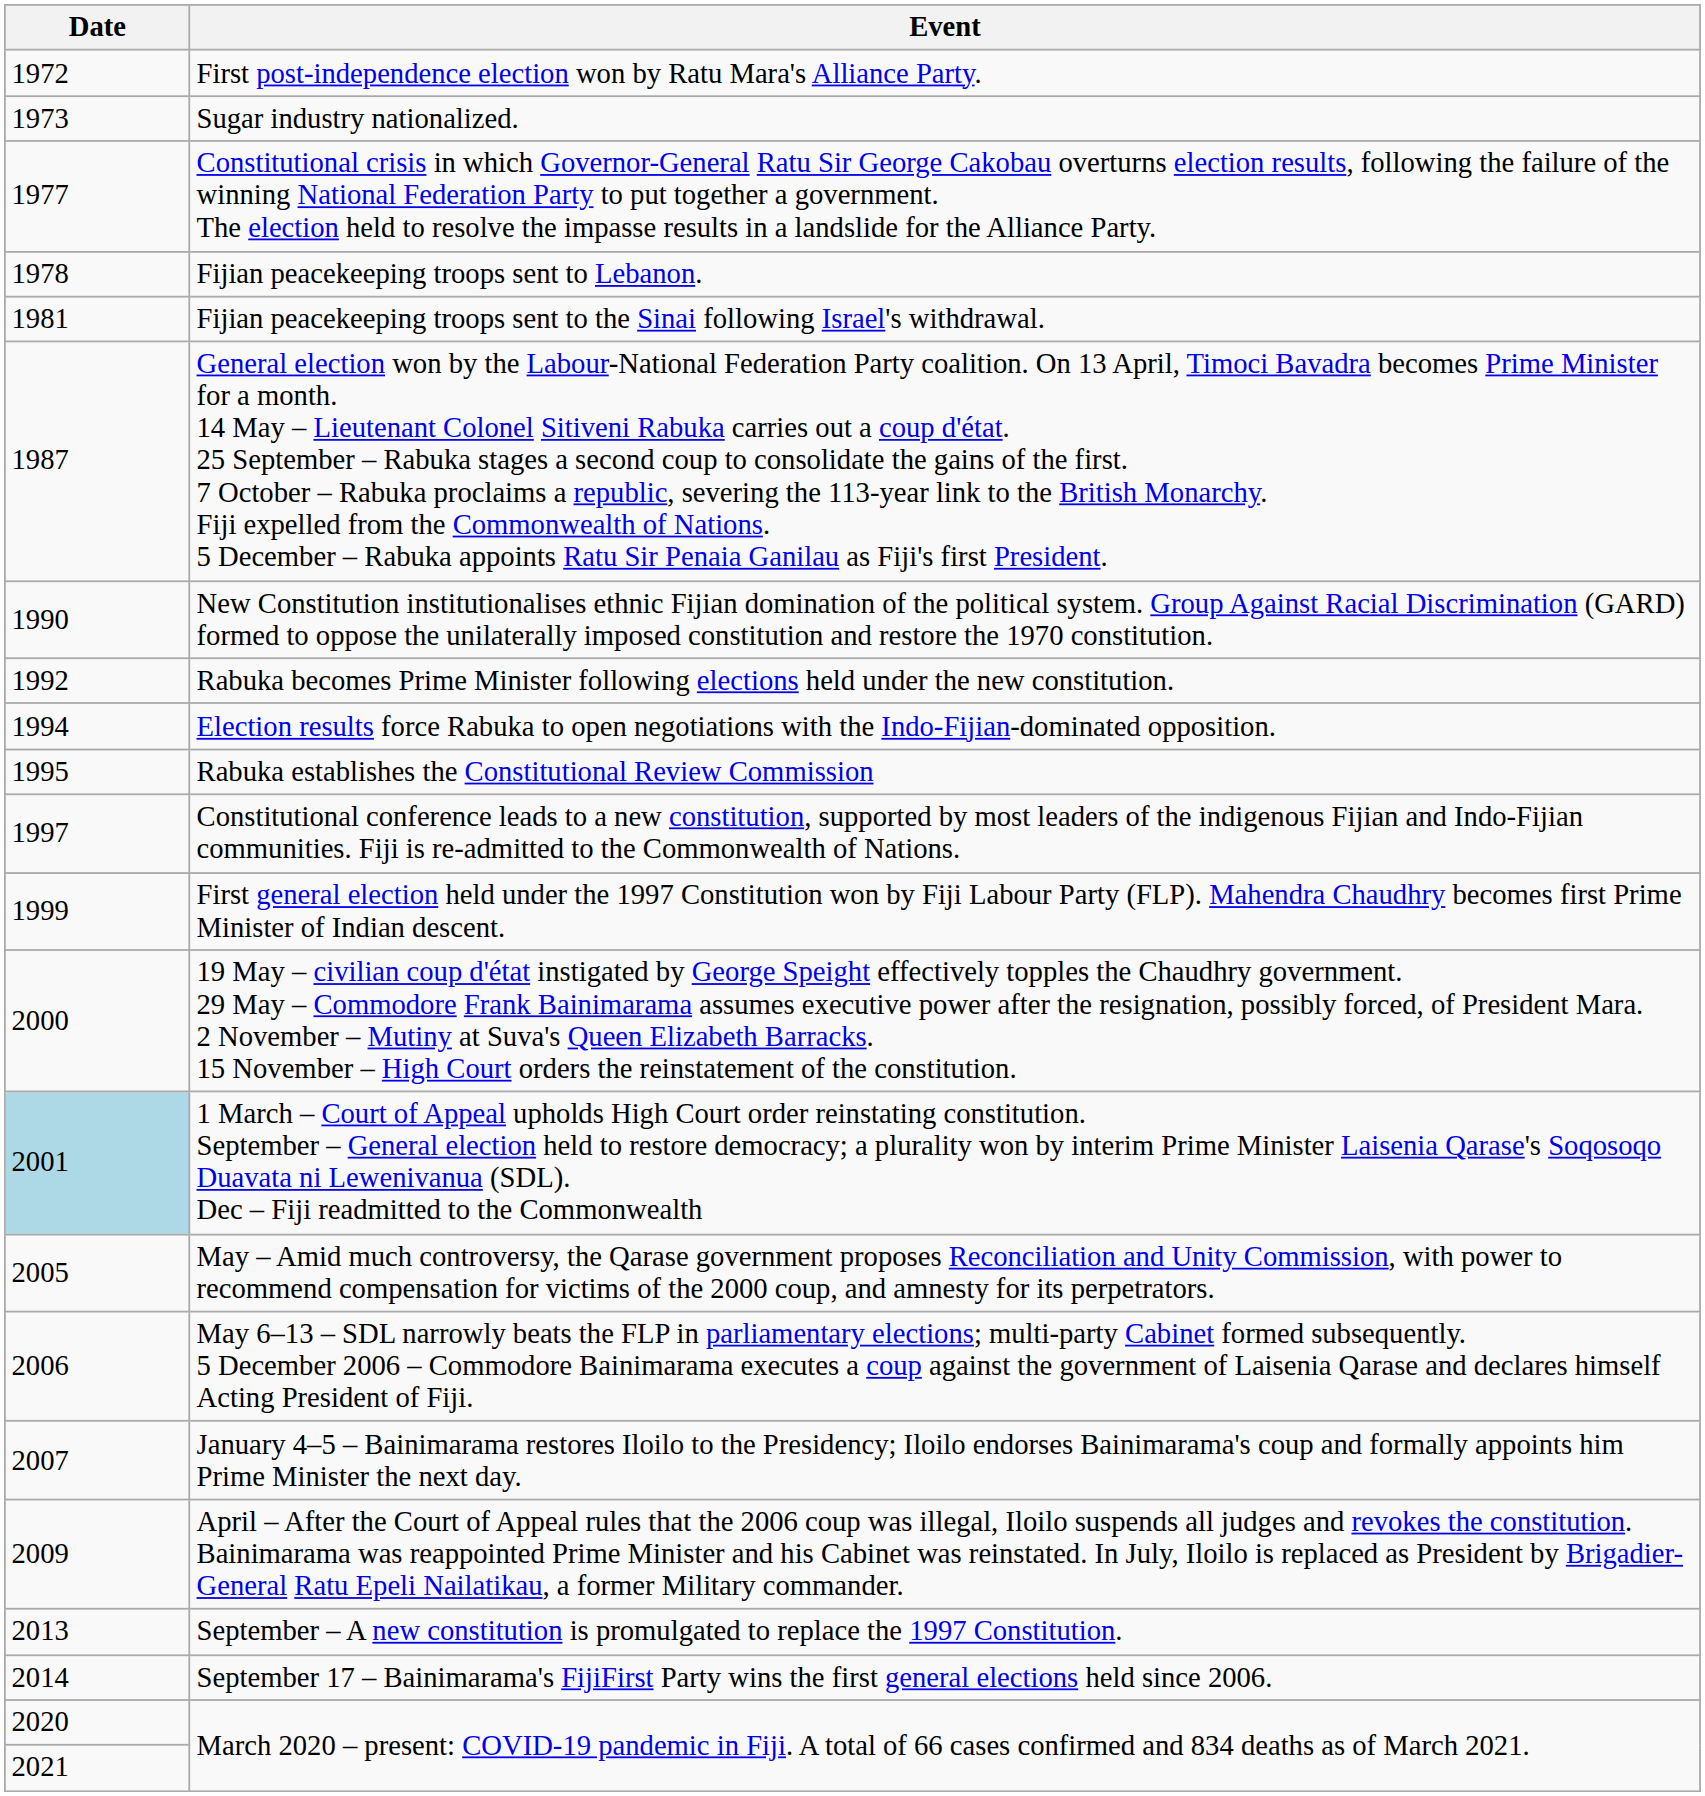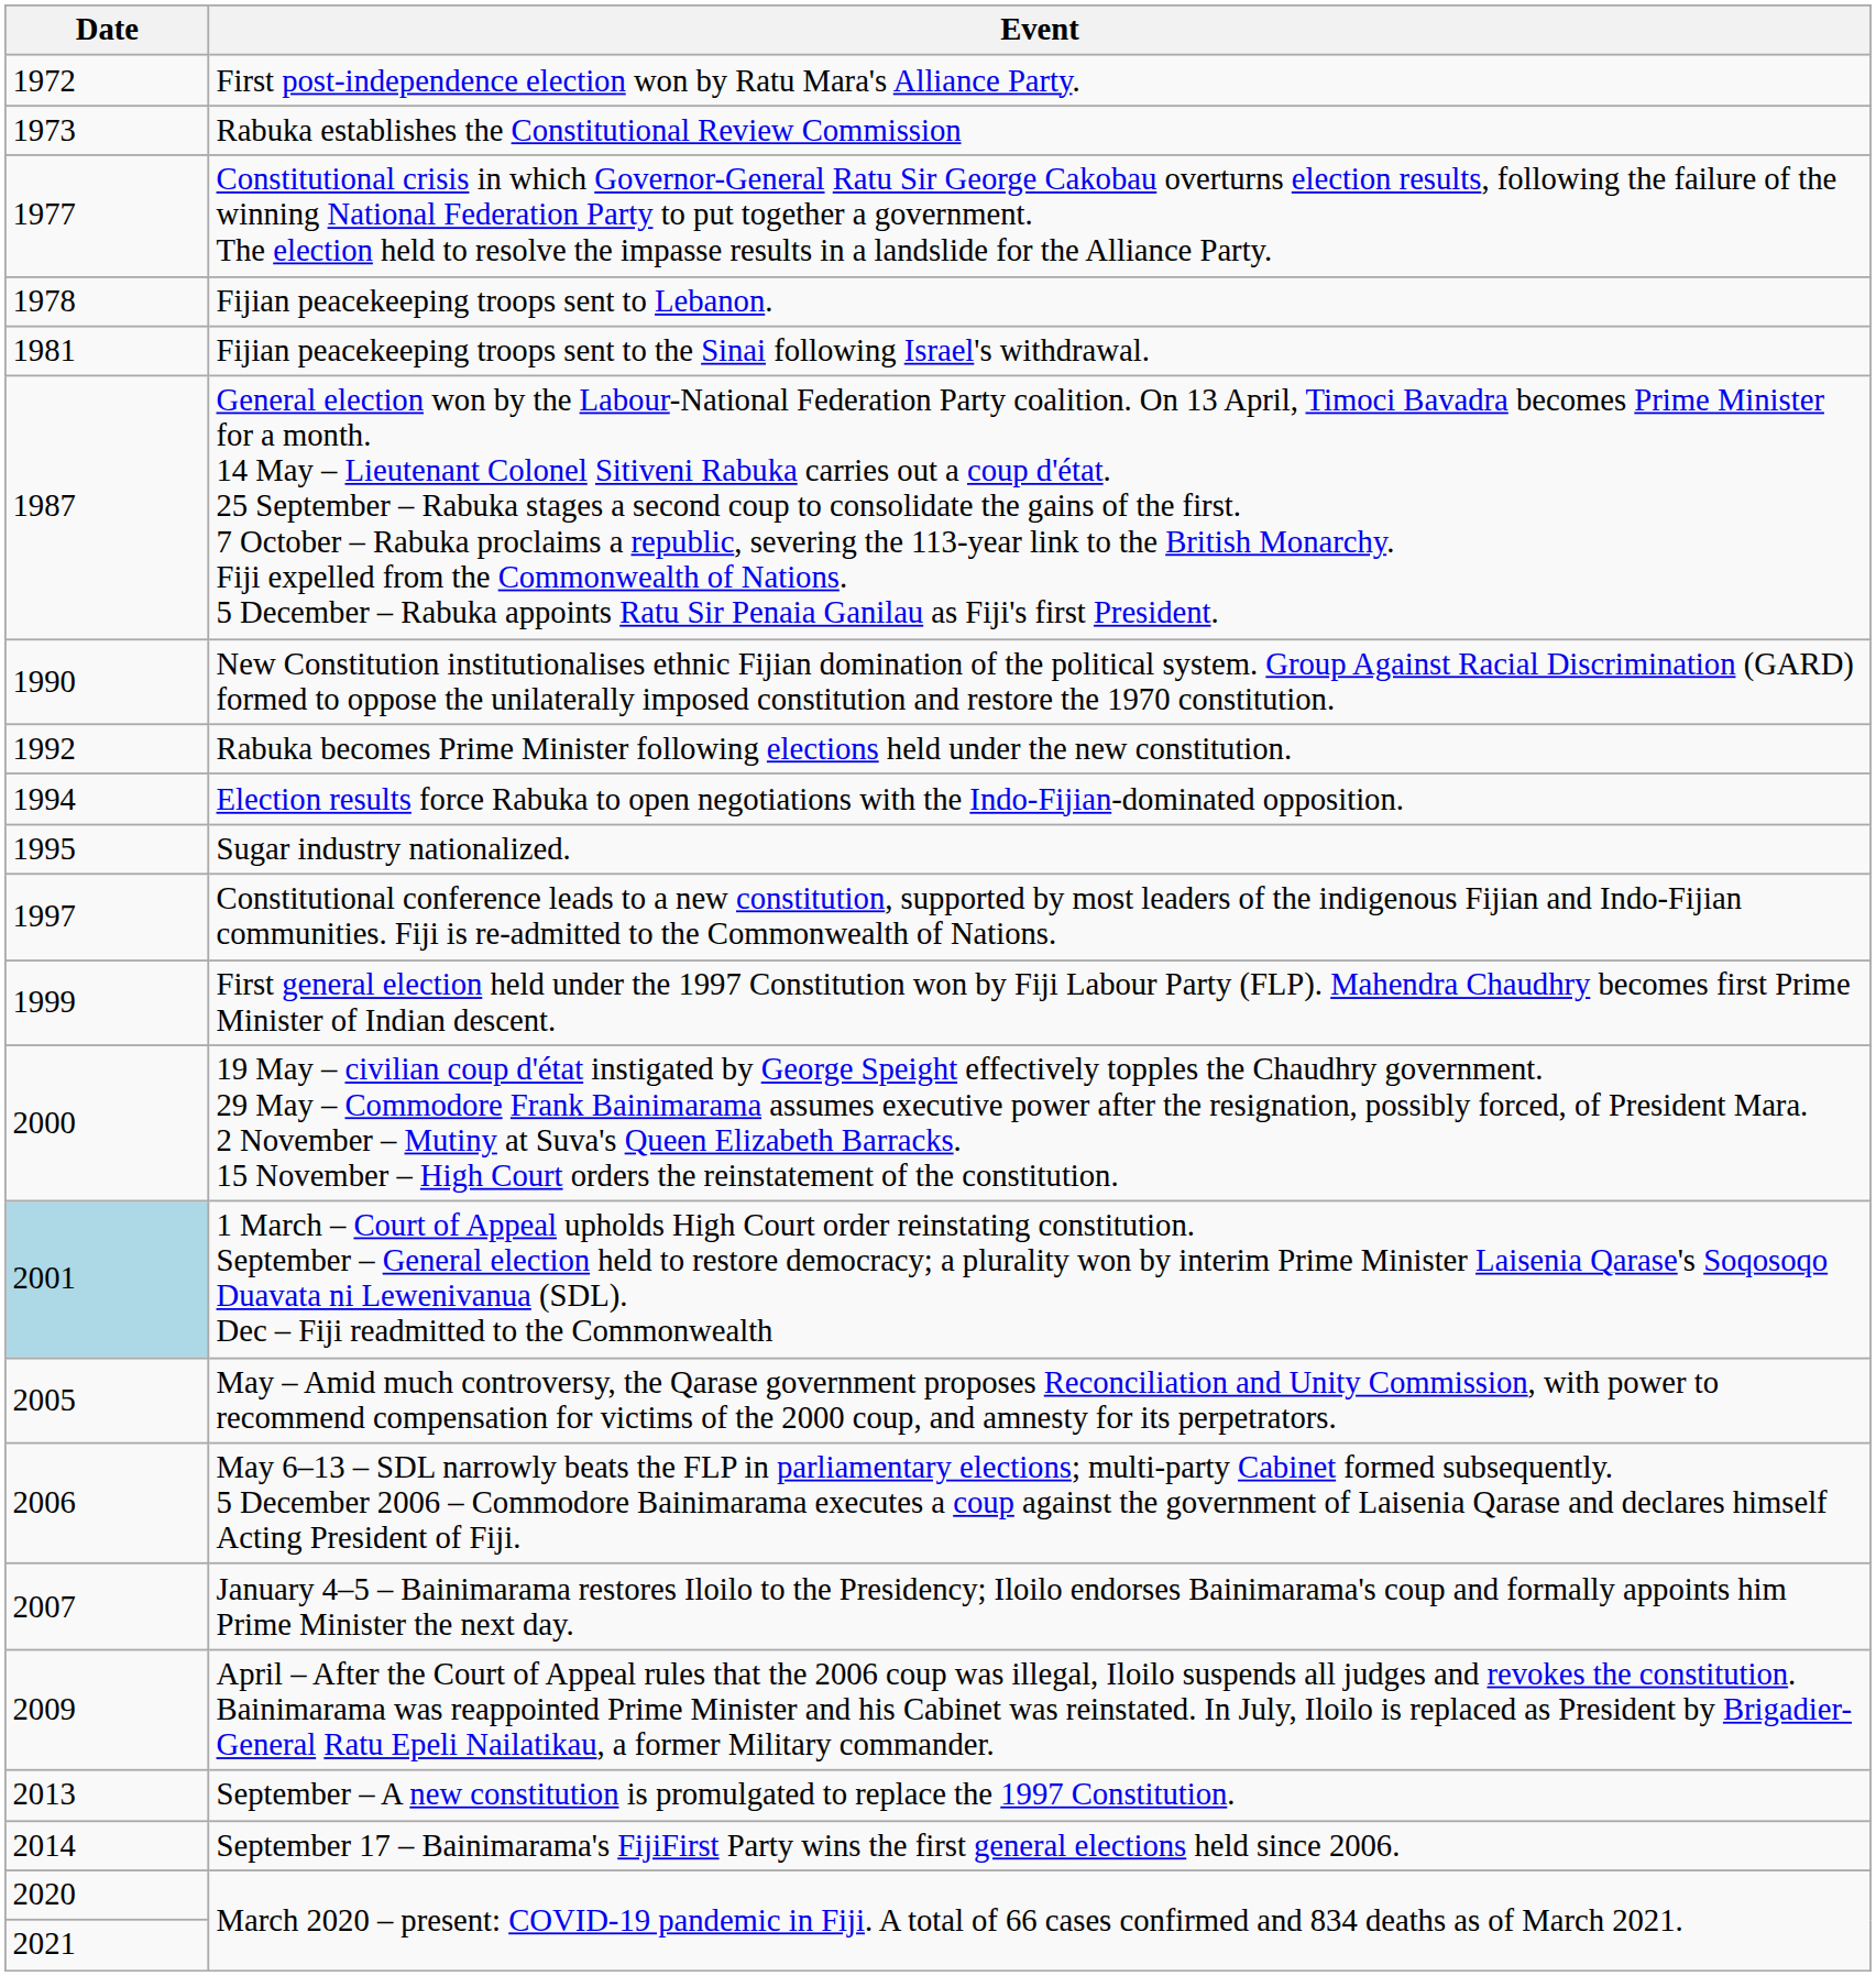 <table class="wikitable" style="width: 75%; border:1px solid; padding=2; border-spacing: 0;">
 <tr>
 <th style="width: 6em;">Date</th>
 <th>Event</th>
 </tr>
 <tr>
 <td>1972</td>
 <td>First <a href='#'>post-independence election</a> won by Ratu Mara's <a href='#'>Alliance Party</a>.</td>
 </tr>
 <tr>
 <td>1973</td>
-<td>Sugar industry nationalized.</td>
+<td>Rabuka establishes the <a href='#'>Constitutional Review Commission</a></td>
 </tr>
 <tr>
 <td>1977</td>
 <td><a href='#'>Constitutional crisis</a> in which <a href='#'>Governor-General</a> <a href='#'>Ratu Sir George Cakobau</a> overturns <a href='#'>election results</a>, following the failure of the winning <a href='#'>National Federation Party</a> to put together a government. <br> The <a href='#'>election</a> held to resolve the impasse results in a landslide for the Alliance Party.</td>
 </tr>
 <tr>
 <td>1978</td>
 <td>Fijian peacekeeping troops sent to <a href='#'>Lebanon</a>.</td>
 </tr>
 <tr>
 <td>1981</td>
 <td>Fijian peacekeeping troops sent to the <a href='#'>Sinai</a> following <a href='#'>Israel</a>'s withdrawal.</td>
 </tr>
 <tr>
 <td>1987</td>
 <td><a href='#'>General election</a> won by the <a href='#'>Labour</a>-National Federation Party coalition. On 13 April, <a href='#'>Timoci Bavadra</a> becomes <a href='#'>Prime Minister</a> for a month. <br> 14 May – <a href='#'>Lieutenant Colonel</a> <a href='#'>Sitiveni Rabuka</a> carries out a <a href='#'>coup d'état</a>. <br> 25 September – Rabuka stages a second coup to consolidate the gains of the first. <br> 7 October – Rabuka proclaims a <a href='#'>republic</a>, severing the 113-year link to the <a href='#'>British Monarchy</a>. <br> Fiji expelled from the <a href='#'>Commonwealth of Nations</a>. <br> 5 December – Rabuka appoints <a href='#'>Ratu Sir Penaia Ganilau</a> as Fiji's first <a href='#'>President</a>.</td>
 </tr>
 <tr>
 <td>1990</td>
 <td>New Constitution institutionalises ethnic Fijian domination of the political system. <a href='#'>Group Against Racial Discrimination</a> (GARD) formed to oppose the unilaterally imposed constitution and restore the 1970 constitution.</td>
 </tr>
 <tr>
 <td>1992</td>
 <td>Rabuka becomes Prime Minister following <a href='#'>elections</a> held under the new constitution.</td>
 </tr>
 <tr>
 <td>1994</td>
 <td><a href='#'>Election results</a> force Rabuka to open negotiations with the <a href='#'>Indo-Fijian</a>-dominated opposition.</td>
 </tr>
 <tr>
 <td>1995</td>
-<td>Rabuka establishes the <a href='#'>Constitutional Review Commission</a></td>
+<td>Sugar industry nationalized.</td>
 </tr>
 <tr>
 <td>1997</td>
 <td>Constitutional conference leads to a new <a href='#'>constitution</a>, supported by most leaders of the indigenous Fijian and Indo-Fijian communities. Fiji is re-admitted to the Commonwealth of Nations.</td>
 </tr>
 <tr>
 <td>1999</td>
 <td>First <a href='#'>general election</a> held under the 1997 Constitution won by Fiji Labour Party (FLP). <a href='#'>Mahendra Chaudhry</a> becomes first Prime Minister of Indian descent.</td>
 </tr>
 <tr>
 <td>2000</td>
 <td>19 May – <a href='#'>civilian coup d'état</a> instigated by <a href='#'>George Speight</a> effectively topples the Chaudhry government. <br> 29 May – <a href='#'>Commodore</a> <a href='#'>Frank Bainimarama</a> assumes executive power after the resignation, possibly forced, of President Mara. <br> 2 November – <a href='#'>Mutiny</a> at Suva's <a href='#'>Queen Elizabeth Barracks</a>. <br> 15 November – <a href='#'>High Court</a> orders the reinstatement of the constitution.</td>
 </tr>
 <tr>
 <td style="background: lightblue;">2001</td>
 <td>1 March – <a href='#'>Court of Appeal</a> upholds High Court order reinstating constitution.<br> September – <a href='#'>General election</a> held to restore democracy; a plurality won by interim Prime Minister <a href='#'>Laisenia Qarase</a>'s <a href='#'>Soqosoqo Duavata ni Lewenivanua</a> (SDL).<br>Dec – Fiji readmitted to the Commonwealth</td>
 </tr>
 <tr>
 <td>2005</td>
 <td>May – Amid much controversy, the Qarase government proposes <a href='#'>Reconciliation and Unity Commission</a>, with power to recommend compensation for victims of the 2000 coup, and amnesty for its perpetrators.</td>
 </tr>
 <tr>
 <td>2006</td>
 <td>May 6–13 – SDL narrowly beats the FLP in <a href='#'>parliamentary elections</a>; multi-party <a href='#'>Cabinet</a> formed subsequently.<br>  5 December 2006 – Commodore Bainimarama executes a <a href='#'>coup</a> against the government of Laisenia Qarase and declares himself Acting President of Fiji.</td>
 </tr>
 <tr>
 <td>2007</td>
 <td>January 4–5 – Bainimarama restores Iloilo to the Presidency; Iloilo endorses Bainimarama's coup and formally appoints him Prime Minister the next day.</td>
 </tr>
 <tr>
 <td>2009</td>
 <td>April – After the Court of Appeal rules that the 2006 coup was illegal, Iloilo suspends all judges and <a href='#'>revokes the constitution</a>. Bainimarama was reappointed Prime Minister and his Cabinet was reinstated. In July, Iloilo is replaced as President by <a href='#'>Brigadier-General</a> <a href='#'>Ratu Epeli Nailatikau</a>, a former Military commander.</td>
 </tr>
 <tr>
 <td>2013</td>
 <td>September – A <a href='#'>new constitution</a> is promulgated to replace the <a href='#'>1997 Constitution</a>.</td>
 </tr>
 <tr>
 <td>2014</td>
 <td>September 17 – Bainimarama's <a href='#'>FijiFirst</a> Party wins the first <a href='#'>general elections</a> held since 2006.</td>
 </tr>
 <tr>
 <td>2020</td>
 <td rowspan="2">March 2020 – present: <a href='#'>COVID-19 pandemic in Fiji</a>. A total of 66 cases confirmed and 834 deaths as of March 2021.</td>
 </tr>
 <tr>
 <td>2021</td>
 </tr>
 </table>
